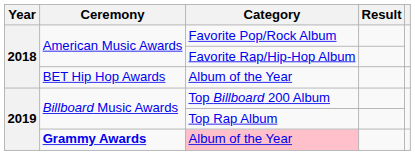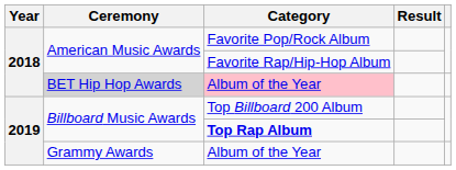 <table class="wikitable sortable plainrowheaders" style="border:none; margin:0;">
 <tr>
 <th scope="col">Year</th>
 <th scope="col">Ceremony</th>
 <th scope="col">Category</th>
 <th scope="col">Result</th>
 <th scope="col" class="unsortable"></th>
 </tr>
 <tr>
 <th scope="row" rowspan="3">2018</th>
 <td rowspan="2"><a href='#'>American Music Awards</a></td>
 <td><a href='#'>Favorite Pop/Rock Album</a></td>
 <td></td>
 <td rowspan="2"></td>
 </tr>
 <tr>
 <td><a href='#'>Favorite Rap/Hip-Hop Album</a></td>
 <td></td>
 </tr>
 <tr>
-<td><a href='#'>BET Hip Hop Awards</a></td>
-<td><a href='#'>Album of the Year</a></td>
+<td style="background: lightgrey;"><a href='#'>BET Hip Hop Awards</a></td>
+<td style="background: pink;"><a href='#'>Album of the Year</a></td>
 <td></td>
 <td></td>
 </tr>
 <tr>
 <th scope="row" rowspan="3">2019</th>
 <td rowspan="2"><a href='#'><em>Billboard</em> Music Awards</a></td>
 <td><a href='#'>Top <em>Billboard</em> 200 Album</a></td>
 <td></td>
 <td rowspan="2"></td>
 </tr>
 <tr>
-<td><a href='#'>Top Rap Album</a></td>
+<td><strong><a href='#'>Top Rap Album</a></strong></td>
 <td></td>
 </tr>
 <tr>
-<td><strong><a href='#'>Grammy Awards</a></strong></td>
-<td style="background: pink;"><a href='#'>Album of the Year</a></td>
+<td><a href='#'>Grammy Awards</a></td>
+<td><a href='#'>Album of the Year</a></td>
 <td></td>
 <td></td>
 </tr>
 </table>
